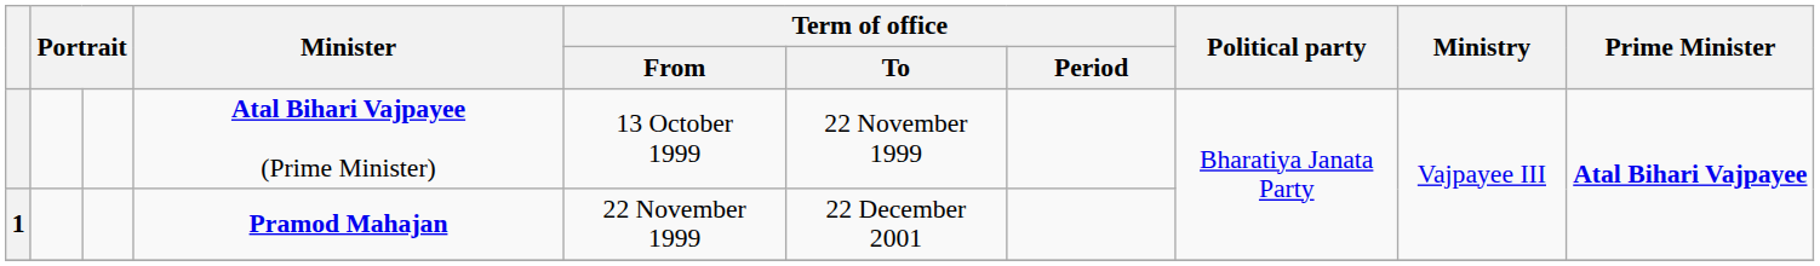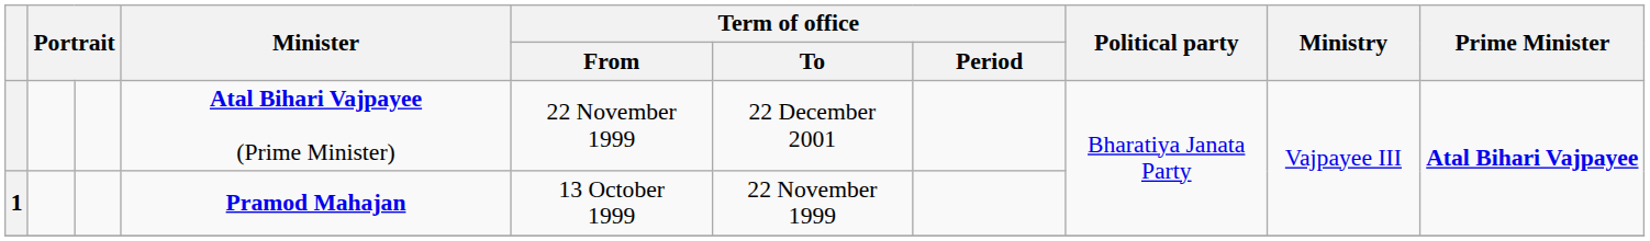 <table class="wikitable" style="text-align:center">
 <tr>
 <th rowspan="2"></th>
 <th rowspan="2" colspan="2">Portrait</th>
 <th rowspan="2" style="width:16em">Minister<br></th>
 <th colspan="3">Term of office</th>
 <th rowspan="2" style="width:8em">Political party</th>
 <th rowspan="2" style="width:6em">Ministry</th>
 <th rowspan="2" colspan="2">Prime Minister</th>
 </tr>
 <tr>
 <th style="width:8em">From</th>
 <th style="width:8em">To</th>
 <th style="width:6em">Period</th>
 </tr>
 <tr>
 <th></th>
 <td></td>
 <td></td>
 <td><strong><a href='#'>Atal Bihari Vajpayee</a></strong><br><br>(Prime Minister)</td>
-<td>13 October<br>1999</td>
 <td>22 November<br>1999</td>
+<td>22 December<br>2001</td>
 <td><strong></strong></td>
 <td rowspan="2"><a href='#'>Bharatiya Janata Party</a></td>
 <td rowspan="2"><a href='#'>Vajpayee III</a></td>
 <td rowspan="2" style="width:9em"><strong><a href='#'>Atal Bihari Vajpayee</a></strong></td>
 </tr>
 <tr>
 <th>1</th>
 <td></td>
 <td></td>
 <td><strong><a href='#'>Pramod Mahajan</a></strong><br></td>
+<td>13 October<br>1999</td>
 <td>22 November<br>1999</td>
-<td>22 December<br>2001</td>
 <td><strong></strong></td>
 </tr>
 <tr>
 </tr>
 </table>
